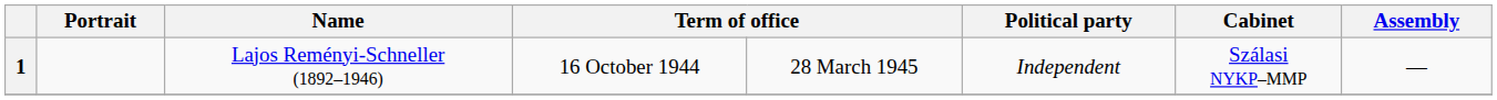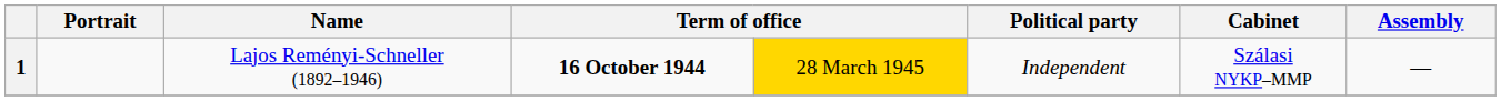 <table class="wikitable" style="width:90%; text-align:center;">
 <tr>
 <th></th>
 <th>Portrait</th>
 <th>Name<br></th>
 <th colspan=2>Term of office</th>
 <th>Political party</th>
 <th>Cabinet</th>
 <th><a href='#'>Assembly</a><br></th>
 </tr>
 <tr>
 <th style="background-color:">1</th>
 <td></td>
 <td><a href='#'>Lajos Reményi-Schneller</a><br><small>(1892–1946)</small></td>
-<td>16 October 1944</td>
-<td>28 March 1945</td>
+<td><strong>16 October 1944</strong></td>
+<td style="background: gold;">28 March 1945</td>
 <td><em>Independent</em></td>
 <td><a href='#'>Szálasi</a><br><small><a href='#'>NYKP</a>–MMP</small></td>
 <td>—</td>
 </tr>
 <tr>
 </tr>
 </table>
